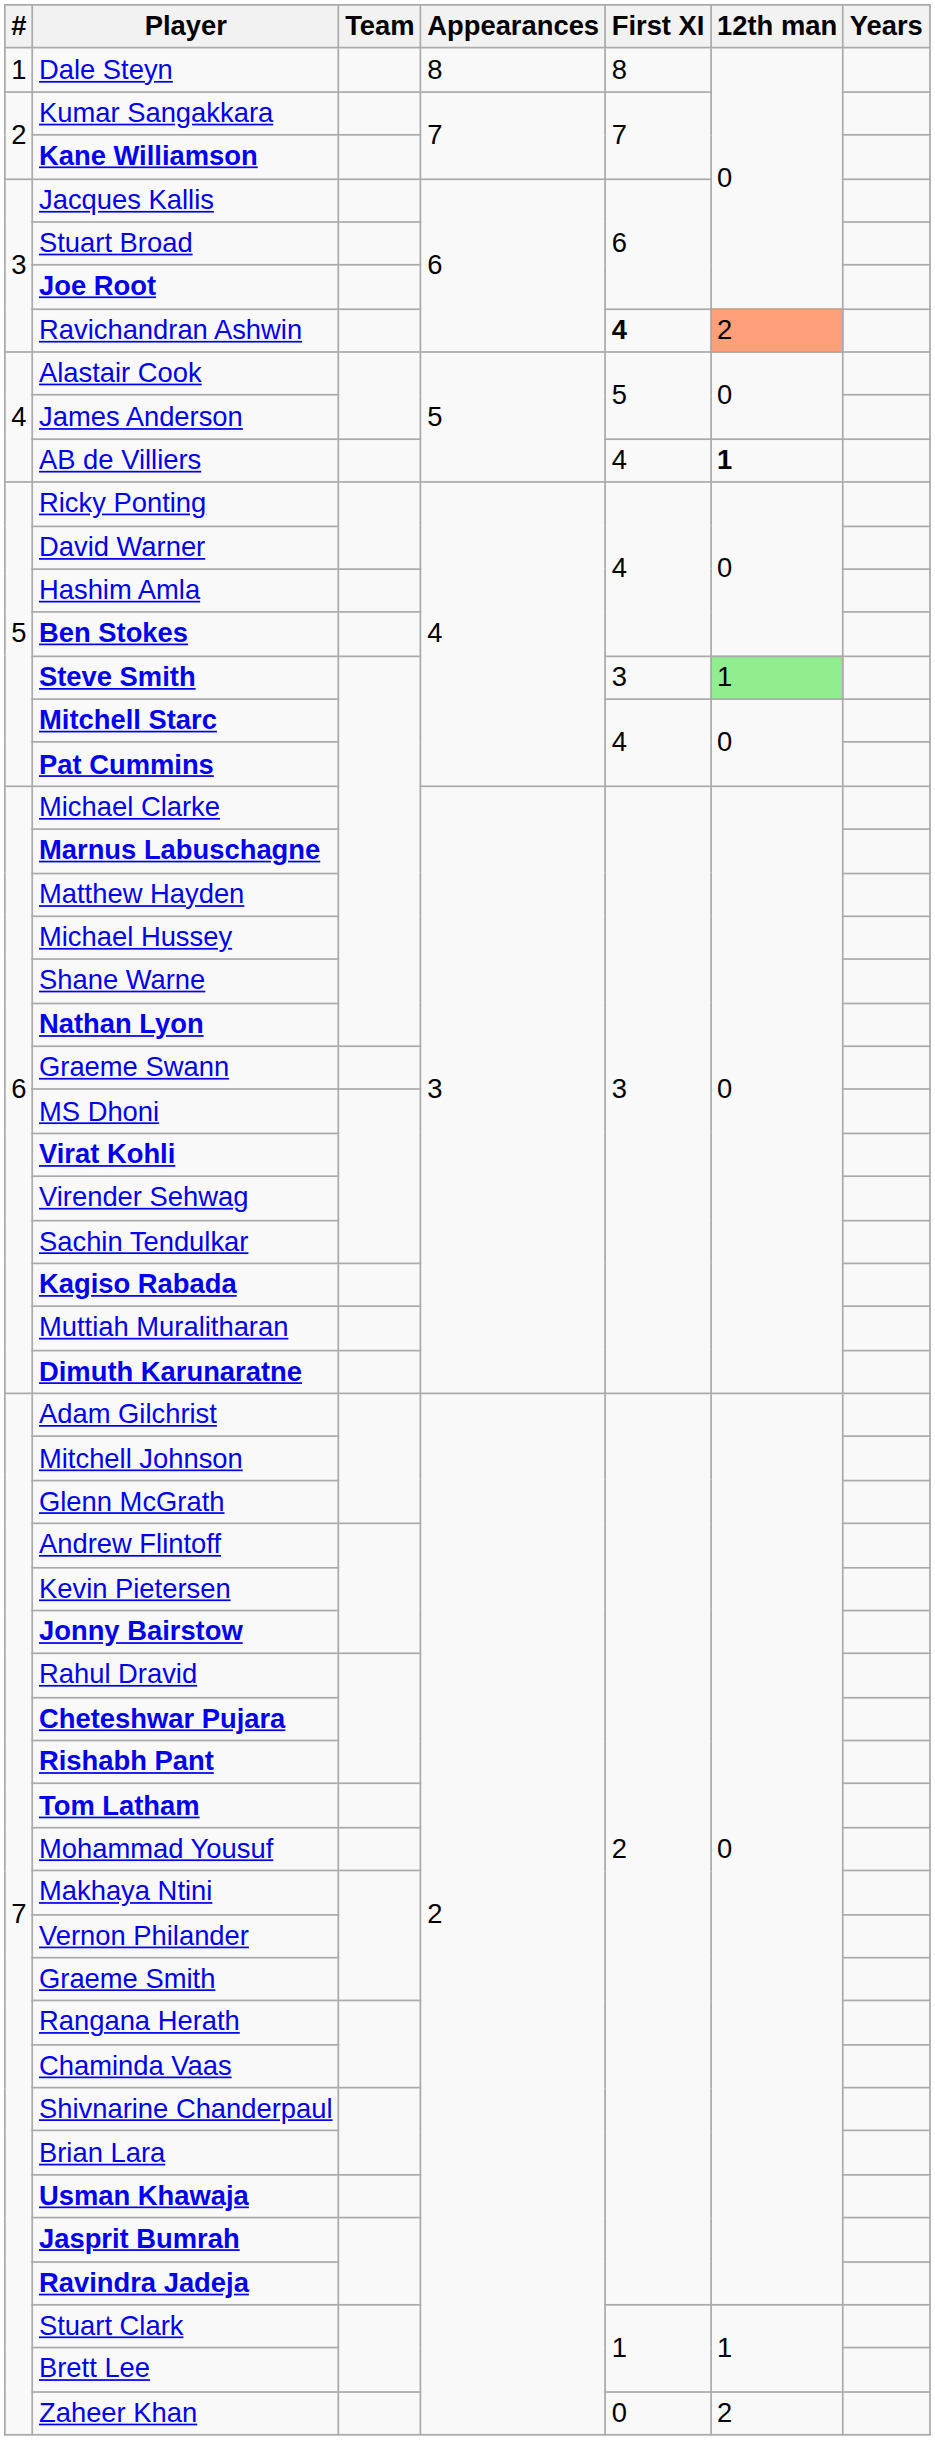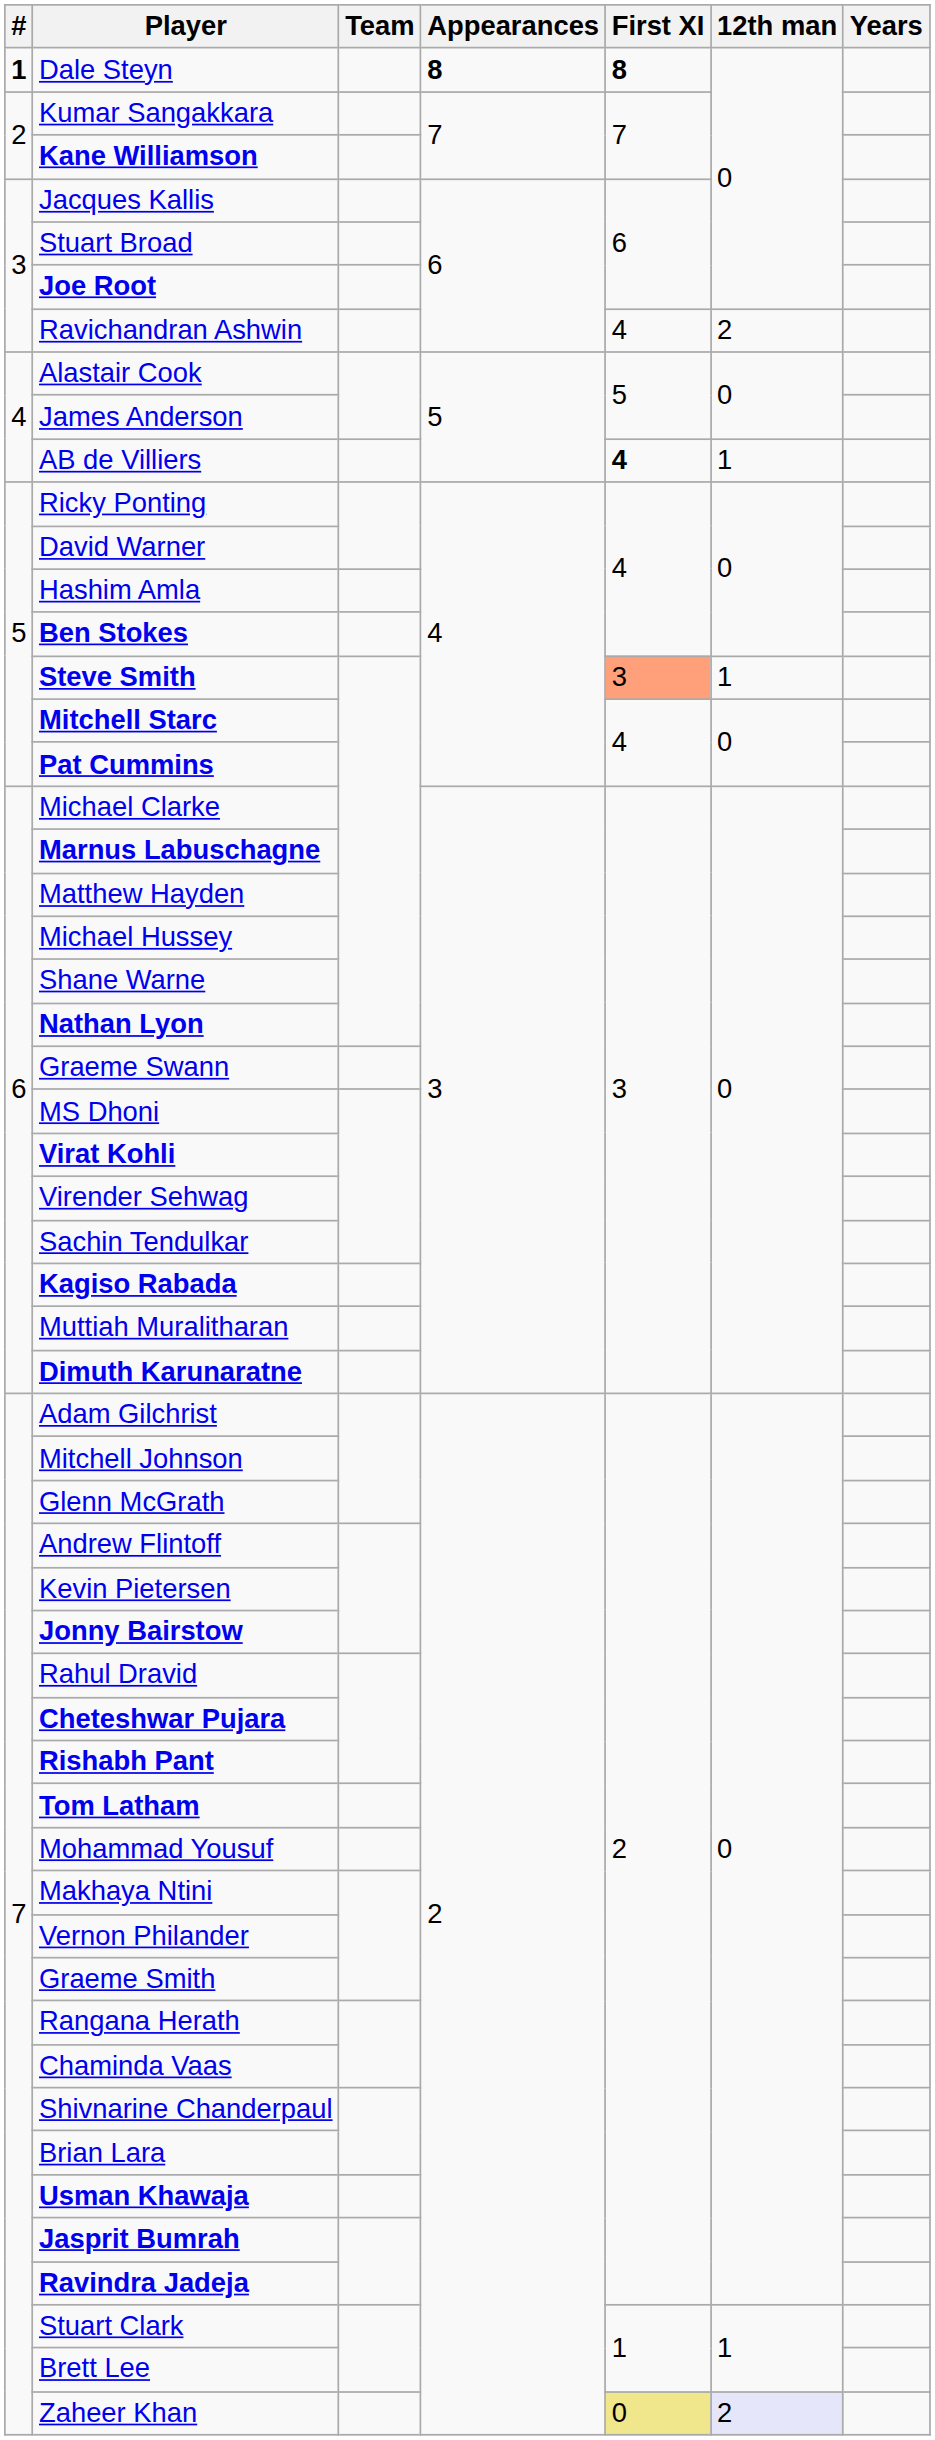 <table class="wikitable">
 <tr>
 <th>#</th>
 <th>Player</th>
 <th>Team</th>
 <th>Appearances</th>
 <th>First XI</th>
 <th>12th man</th>
 <th>Years</th>
 </tr>
 <tr>
-<td>1</td>
+<td><strong>1</strong></td>
 <td><a href='#'>Dale Steyn</a></td>
 <td></td>
-<td>8</td>
-<td>8</td>
+<td><strong>8</strong></td>
+<td><strong>8</strong></td>
 <td rowspan=6>0</td>
 <td></td>
 </tr>
 <tr>
 <td rowspan=2>2</td>
 <td><a href='#'>Kumar Sangakkara</a></td>
 <td></td>
 <td rowspan=2>7</td>
 <td rowspan=2>7</td>
 <td></td>
 </tr>
 <tr>
 <td><strong><a href='#'>Kane Williamson</a></strong></td>
 <td></td>
 <td></td>
 </tr>
 <tr>
 <td rowspan="4">3</td>
 <td><a href='#'>Jacques Kallis</a></td>
 <td></td>
 <td rowspan=4>6</td>
 <td rowspan=3>6</td>
 <td></td>
 </tr>
 <tr>
 <td><a href='#'>Stuart Broad</a></td>
 <td></td>
 <td></td>
 </tr>
 <tr>
 <td><strong><a href='#'>Joe Root</a></strong></td>
 <td></td>
 <td></td>
 </tr>
 <tr>
 <td><a href='#'>Ravichandran Ashwin</a></td>
 <td></td>
-<td><strong>4</strong></td>
-<td style="background: lightsalmon;">2</td>
+<td>4</td>
+<td>2</td>
 <td></td>
 </tr>
 <tr>
 <td rowspan="3">4</td>
 <td><a href='#'>Alastair Cook</a></td>
 <td rowspan="2"></td>
 <td rowspan=3>5</td>
 <td rowspan=2>5</td>
 <td rowspan=2>0</td>
 <td></td>
 </tr>
 <tr>
 <td><a href='#'>James Anderson</a></td>
 <td></td>
 </tr>
 <tr>
 <td><a href='#'>AB de Villiers</a></td>
 <td></td>
-<td>4</td>
-<td><strong>1</strong></td>
+<td><strong>4</strong></td>
+<td>1</td>
 <td></td>
 </tr>
 <tr>
 <td rowspan=7>5</td>
 <td><a href='#'>Ricky Ponting</a></td>
 <td rowspan="2"></td>
 <td rowspan=7>4</td>
 <td rowspan=4>4</td>
 <td rowspan=4>0</td>
 <td></td>
 </tr>
 <tr>
 <td><a href='#'>David Warner</a></td>
 <td></td>
 </tr>
 <tr>
 <td><a href='#'>Hashim Amla</a></td>
 <td></td>
 <td></td>
 </tr>
 <tr>
 <td><strong><a href='#'>Ben Stokes</a></strong></td>
 <td></td>
 <td></td>
 </tr>
 <tr>
 <td><strong><a href='#'>Steve Smith</a></strong></td>
 <td rowspan="9"></td>
-<td>3</td>
-<td style="background: lightgreen;">1</td>
+<td style="background: lightsalmon;">3</td>
+<td>1</td>
 <td></td>
 </tr>
 <tr>
 <td><strong><a href='#'>Mitchell Starc</a></strong></td>
 <td rowspan=2>4</td>
 <td rowspan=2>0</td>
 <td></td>
 </tr>
 <tr>
 <td><strong><a href='#'>Pat Cummins</a></strong></td>
 <td></td>
 </tr>
 <tr>
 <td rowspan=14>6</td>
 <td><a href='#'>Michael Clarke</a></td>
 <td rowspan=14>3</td>
 <td rowspan=14>3</td>
 <td rowspan=14>0</td>
 <td></td>
 </tr>
 <tr>
 <td><strong><a href='#'>Marnus Labuschagne</a></strong></td>
 <td></td>
 </tr>
 <tr>
 <td><a href='#'>Matthew Hayden</a></td>
 <td></td>
 </tr>
 <tr>
 <td><a href='#'>Michael Hussey</a></td>
 <td></td>
 </tr>
 <tr>
 <td><a href='#'>Shane Warne</a></td>
 <td></td>
 </tr>
 <tr>
 <td><strong><a href='#'>Nathan Lyon</a></strong></td>
 <td></td>
 </tr>
 <tr>
 <td><a href='#'>Graeme Swann</a></td>
 <td></td>
 <td></td>
 </tr>
 <tr>
 <td><a href='#'>MS Dhoni</a></td>
 <td rowspan="4"></td>
 <td></td>
 </tr>
 <tr>
 <td><strong><a href='#'>Virat Kohli</a></strong></td>
 <td></td>
 </tr>
 <tr>
 <td><a href='#'>Virender Sehwag</a></td>
 <td></td>
 </tr>
 <tr>
 <td><a href='#'>Sachin Tendulkar</a></td>
 <td></td>
 </tr>
 <tr>
 <td><strong><a href='#'>Kagiso Rabada</a></strong></td>
 <td></td>
 <td></td>
 </tr>
 <tr>
 <td><a href='#'>Muttiah Muralitharan</a></td>
 <td></td>
 <td></td>
 </tr>
 <tr>
 <td><strong><a href='#'>Dimuth Karunaratne</a></strong></td>
 <td></td>
 <td></td>
 </tr>
 <tr>
 <td rowspan=24>7</td>
 <td><a href='#'>Adam Gilchrist</a></td>
 <td rowspan="3"></td>
 <td rowspan=24>2</td>
 <td rowspan=21>2</td>
 <td rowspan=21>0</td>
 <td></td>
 </tr>
 <tr>
 <td><a href='#'>Mitchell Johnson</a></td>
 <td></td>
 </tr>
 <tr>
 <td><a href='#'>Glenn McGrath</a></td>
 <td></td>
 </tr>
 <tr>
 <td><a href='#'>Andrew Flintoff</a></td>
 <td rowspan="3"></td>
 <td></td>
 </tr>
 <tr>
 <td><a href='#'>Kevin Pietersen</a></td>
 <td></td>
 </tr>
 <tr>
 <td><strong><a href='#'>Jonny Bairstow</a></strong></td>
 <td></td>
 </tr>
 <tr>
 <td><a href='#'>Rahul Dravid</a></td>
 <td rowspan="3"></td>
 <td></td>
 </tr>
 <tr>
 <td><strong><a href='#'>Cheteshwar Pujara</a></strong></td>
 <td></td>
 </tr>
 <tr>
 <td><strong><a href='#'>Rishabh Pant</a></strong></td>
 <td></td>
 </tr>
 <tr>
 <td><strong><a href='#'>Tom Latham</a></strong></td>
 <td></td>
 <td></td>
 </tr>
 <tr>
 <td><a href='#'>Mohammad Yousuf</a></td>
 <td></td>
 <td></td>
 </tr>
 <tr>
 <td><a href='#'>Makhaya Ntini</a></td>
 <td rowspan="3"></td>
 <td></td>
 </tr>
 <tr>
 <td><a href='#'>Vernon Philander</a></td>
 <td></td>
 </tr>
 <tr>
 <td><a href='#'>Graeme Smith</a></td>
 <td></td>
 </tr>
 <tr>
 <td><a href='#'>Rangana Herath</a></td>
 <td rowspan="2"></td>
 <td></td>
 </tr>
 <tr>
 <td><a href='#'>Chaminda Vaas</a></td>
 <td></td>
 </tr>
 <tr>
 <td><a href='#'>Shivnarine Chanderpaul</a></td>
 <td rowspan="2"></td>
 <td></td>
 </tr>
 <tr>
 <td><a href='#'>Brian Lara</a></td>
 <td></td>
 </tr>
 <tr>
 <td><strong><a href='#'>Usman Khawaja</a></strong></td>
 <td></td>
 <td></td>
 </tr>
 <tr>
 <td><strong><a href='#'>Jasprit Bumrah</a></strong></td>
 <td rowspan="2"></td>
 <td></td>
 </tr>
 <tr>
 <td><strong><a href='#'>Ravindra Jadeja</a></strong></td>
 <td></td>
 </tr>
 <tr>
 <td><a href='#'>Stuart Clark</a></td>
 <td rowspan="2"></td>
 <td rowspan=2>1</td>
 <td rowspan=2>1</td>
 <td></td>
 </tr>
 <tr>
 <td><a href='#'>Brett Lee</a></td>
 <td></td>
 </tr>
 <tr>
 <td><a href='#'>Zaheer Khan</a></td>
 <td></td>
-<td>0</td>
-<td>2</td>
+<td style="background: khaki;">0</td>
+<td style="background: lavender;">2</td>
 <td></td>
 </tr>
 </table>
